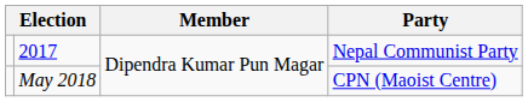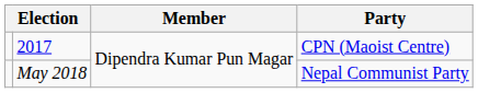 <table class="wikitable">
 <tr>
 <th colspan="2">Election</th>
 <th>Member</th>
 <th>Party</th>
 </tr>
 <tr>
 <td style="background-color:"></td>
 <td><a href='#'>2017</a></td>
 <td rowspan="2">Dipendra Kumar Pun Magar</td>
-<td><a href='#'>Nepal Communist Party</a></td>
+<td><a href='#'>CPN (Maoist Centre)</a></td>
 </tr>
 <tr>
 <td style="background-color:"></td>
 <td><em>May 2018</em></td>
-<td><a href='#'>CPN (Maoist Centre)</a></td>
+<td><a href='#'>Nepal Communist Party</a></td>
 </tr>
 </table>
